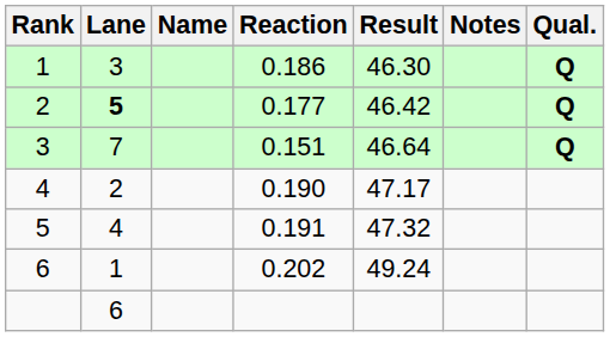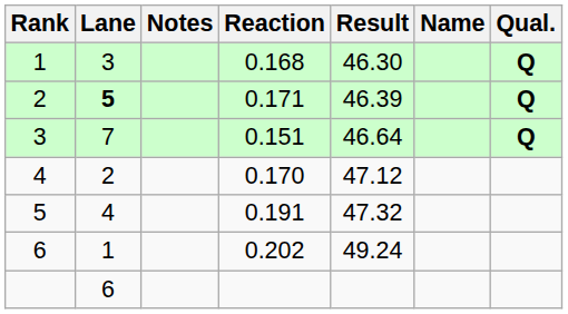 <table class="wikitable sortable" style="text-align:center">
 <tr>
 <th>Rank</th>
 <th>Lane</th>
-<th>Name</th>
+<th>Notes</th>
 <th>Reaction</th>
 <th>Result</th>
-<th>Notes</th>
+<th>Name</th>
 <th>Qual.</th>
 </tr>
 <tr style="background:#cfc;">
 <td>1</td>
 <td>3</td>
+<td></td>
+<td>0.168</td>
+<td>46.30</td>
 <td align="left"></td>
-<td>0.186</td>
-<td>46.30</td>
-<td></td>
 <td><strong>Q</strong></td>
 </tr>
 <tr style="background:#cfc;">
 <td>2</td>
 <td><strong>5</strong></td>
+<td></td>
+<td>0.171</td>
+<td>46.39</td>
 <td align="left"></td>
-<td>0.177</td>
-<td>46.42</td>
-<td></td>
 <td><strong>Q</strong></td>
 </tr>
 <tr style="background:#cfc;">
 <td>3</td>
 <td>7</td>
-<td align="left"></td>
+<td></td>
 <td>0.151</td>
 <td>46.64</td>
-<td></td>
+<td align="left"></td>
 <td><strong>Q</strong></td>
 </tr>
 <tr>
 <td>4</td>
 <td>2</td>
+<td></td>
+<td>0.170</td>
+<td>47.12</td>
 <td align="left"></td>
-<td>0.190</td>
-<td>47.17</td>
-<td></td>
 <td></td>
 </tr>
 <tr>
 <td>5</td>
 <td>4</td>
-<td align="left"></td>
+<td></td>
 <td>0.191</td>
 <td>47.32</td>
-<td></td>
+<td align="left"></td>
 <td></td>
 </tr>
 <tr>
 <td>6</td>
 <td>1</td>
-<td align="left"></td>
+<td></td>
 <td>0.202</td>
 <td>49.24</td>
-<td></td>
+<td align="left"></td>
 <td></td>
 </tr>
 <tr>
 <td></td>
 <td>6</td>
-<td align="left"></td>
 <td></td>
 <td></td>
 <td></td>
+<td align="left"></td>
 <td></td>
 </tr>
 </table>
